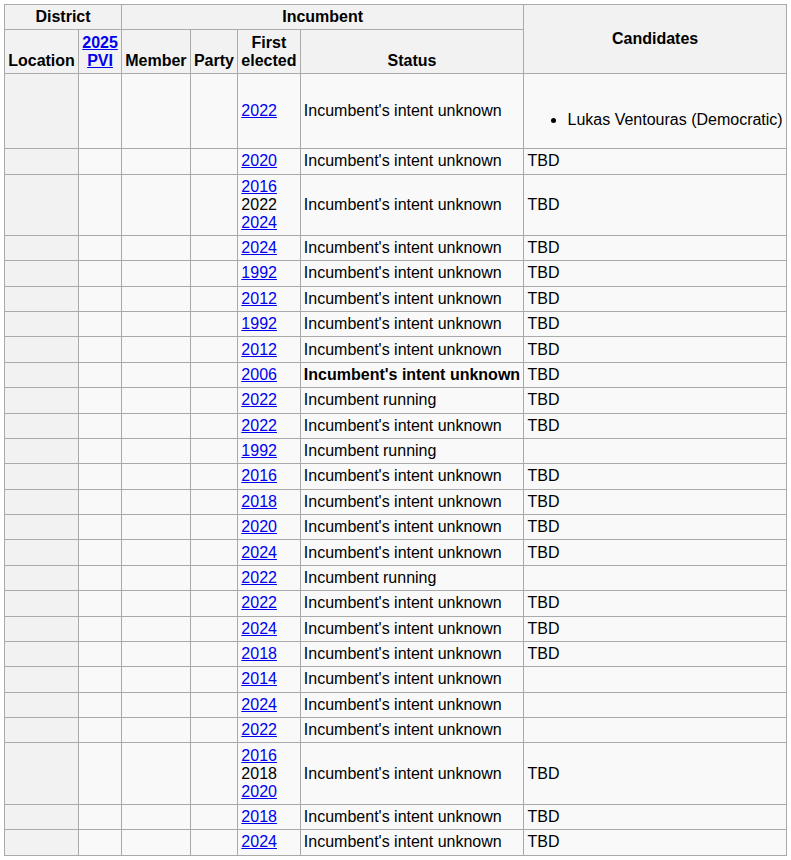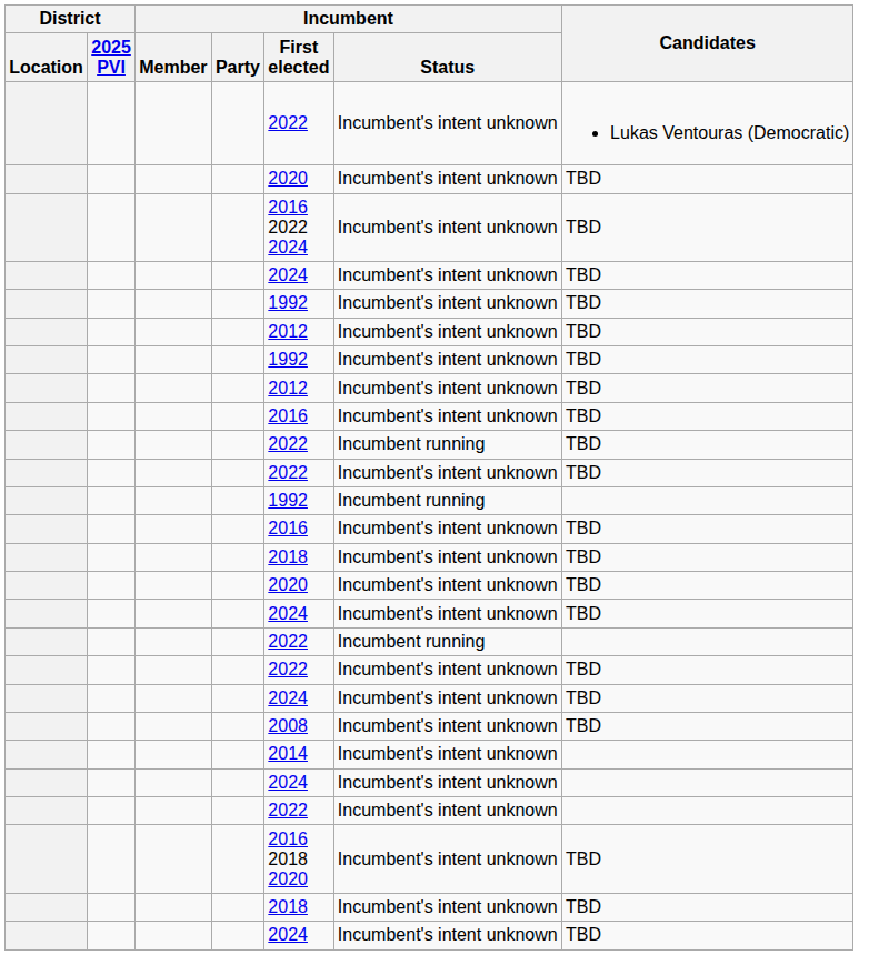 <table class="wikitable sortable">
 <tr>
 <th colspan=2>District</th>
 <th colspan=4>Incumbent</th>
 <th rowspan=2 class="unsortable">Candidates</th>
 </tr>
 <tr valign=bottom>
 <th>Location</th>
 <th><a href='#'>2025<br>PVI</a></th>
 <th>Member</th>
 <th>Party</th>
 <th>First<br>elected</th>
 <th>Status</th>
 </tr>
 <tr>
 <th></th>
 <td></td>
 <td></td>
 <td></td>
 <td><a href='#'>2022</a></td>
 <td>Incumbent's intent unknown</td>
 <td><br><ul><li>Lukas Ventouras (Democratic)</li></ul></td>
 </tr>
 <tr>
 </tr>
 <tr>
 <th></th>
 <td></td>
 <td></td>
 <td></td>
 <td><a href='#'>2020</a></td>
 <td>Incumbent's intent unknown</td>
 <td>TBD</td>
 </tr>
 <tr>
 <th></th>
 <td></td>
 <td></td>
 <td></td>
 <td><a href='#'>2016</a><br>2022 <br><a href='#'>2024 </a></td>
 <td>Incumbent's intent unknown</td>
 <td>TBD</td>
 </tr>
 <tr>
 <th></th>
 <td></td>
 <td></td>
 <td></td>
 <td><a href='#'>2024</a></td>
 <td>Incumbent's intent unknown</td>
 <td>TBD</td>
 </tr>
 <tr>
 <th></th>
 <td></td>
 <td></td>
 <td></td>
 <td><a href='#'>1992 </a></td>
 <td>Incumbent's intent unknown</td>
 <td>TBD</td>
 </tr>
 <tr>
 <th></th>
 <td></td>
 <td></td>
 <td></td>
 <td><a href='#'>2012</a></td>
 <td>Incumbent's intent unknown</td>
 <td>TBD</td>
 </tr>
 <tr>
 <th></th>
 <td></td>
 <td></td>
 <td></td>
 <td><a href='#'>1992</a></td>
 <td>Incumbent's intent unknown</td>
 <td>TBD</td>
 </tr>
 <tr>
 <th></th>
 <td></td>
 <td></td>
 <td></td>
 <td><a href='#'>2012</a></td>
 <td>Incumbent's intent unknown</td>
 <td>TBD</td>
 </tr>
 <tr>
 <th></th>
 <td></td>
 <td></td>
 <td></td>
-<td><a href='#'>2006</a></td>
-<td><strong>Incumbent's intent unknown</strong></td>
+<td><a href='#'>2016</a></td>
+<td>Incumbent's intent unknown</td>
 <td>TBD</td>
 </tr>
 <tr>
 <th></th>
 <td></td>
 <td></td>
 <td></td>
 <td><a href='#'>2022</a></td>
 <td>Incumbent running</td>
 <td>TBD</td>
 </tr>
 <tr>
 <th></th>
 <td></td>
 <td></td>
 <td></td>
 <td><a href='#'>2022</a></td>
 <td>Incumbent's intent unknown</td>
 <td>TBD</td>
 </tr>
 <tr>
 <th></th>
 <td></td>
 <td></td>
 <td></td>
 <td><a href='#'>1992 </a></td>
 <td>Incumbent running</td>
 <td></td>
 </tr>
 <tr>
 <th></th>
 <td></td>
 <td></td>
 <td></td>
 <td><a href='#'>2016</a></td>
 <td>Incumbent's intent unknown</td>
 <td>TBD</td>
 </tr>
 <tr>
 <th></th>
 <td></td>
 <td></td>
 <td></td>
 <td><a href='#'>2018</a></td>
 <td>Incumbent's intent unknown</td>
 <td>TBD</td>
 </tr>
 <tr>
 <th></th>
 <td></td>
 <td></td>
 <td></td>
 <td><a href='#'>2020</a></td>
 <td>Incumbent's intent unknown</td>
 <td>TBD</td>
 </tr>
 <tr>
 <th></th>
 <td></td>
 <td></td>
 <td></td>
 <td><a href='#'>2024</a></td>
 <td>Incumbent's intent unknown</td>
 <td>TBD</td>
 </tr>
 <tr>
 <th></th>
 <td></td>
 <td></td>
 <td></td>
 <td><a href='#'>2022</a></td>
 <td>Incumbent running</td>
 <td></td>
 </tr>
 <tr>
 <th></th>
 <td></td>
 <td></td>
 <td></td>
 <td><a href='#'>2022 </a></td>
 <td>Incumbent's intent unknown</td>
 <td>TBD</td>
 </tr>
 <tr>
 <th></th>
 <td></td>
 <td></td>
 <td></td>
 <td><a href='#'>2024</a></td>
 <td>Incumbent's intent unknown</td>
 <td>TBD</td>
 </tr>
 <tr>
 <th></th>
 <td></td>
 <td></td>
 <td></td>
-<td><a href='#'>2018</a></td>
+<td><a href='#'>2008</a></td>
 <td>Incumbent's intent unknown</td>
 <td>TBD</td>
 </tr>
 <tr>
 <th></th>
 <td></td>
 <td></td>
 <td></td>
 <td><a href='#'>2014</a></td>
 <td>Incumbent's intent unknown</td>
 <td></td>
 </tr>
 <tr>
 <th></th>
 <td></td>
 <td></td>
 <td></td>
 <td><a href='#'>2024</a></td>
 <td>Incumbent's intent unknown</td>
 <td></td>
 </tr>
 <tr>
 <th></th>
 <td></td>
 <td></td>
 <td></td>
 <td><a href='#'>2022</a></td>
 <td>Incumbent's intent unknown</td>
 <td></td>
 </tr>
 <tr>
 <th></th>
 <td></td>
 <td></td>
 <td></td>
 <td><a href='#'>2016</a><br>2018 <br><a href='#'>2020</a></td>
 <td>Incumbent's intent unknown</td>
 <td>TBD</td>
 </tr>
 <tr>
 <th></th>
 <td></td>
 <td></td>
 <td></td>
 <td><a href='#'>2018 </a></td>
 <td>Incumbent's intent unknown</td>
 <td>TBD</td>
 </tr>
 <tr>
 <th></th>
 <td></td>
 <td></td>
 <td></td>
 <td><a href='#'>2024 </a></td>
 <td>Incumbent's intent unknown</td>
 <td>TBD</td>
 </tr>
 </table>
